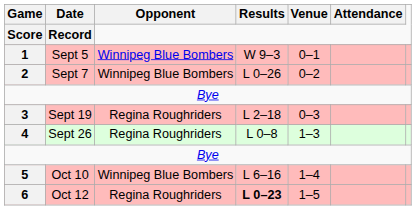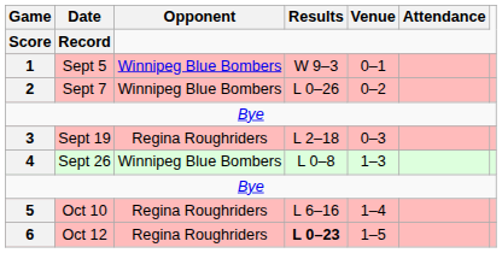 <table class="wikitable" style="text-align:center">
 <tr>
 <th>Game</th>
 <th>Date</th>
 <th>Opponent</th>
 <th>Results</th>
 <th>Venue</th>
 <th>Attendance</th>
 </tr>
 <tr>
 <th>Score</th>
 <th>Record</th>
 </tr>
 <tr style="background:#ffbbbb">
 <th>1</th>
 <td>Sept 5</td>
 <td><a href='#'>Winnipeg Blue Bombers</a></td>
 <td>W 9–3</td>
 <td>0–1</td>
 <td></td>
 <td></td>
 </tr>
 <tr style="background:#ffbbbb">
 <th>2</th>
 <td>Sept 7</td>
 <td>Winnipeg Blue Bombers</td>
 <td>L 0–26</td>
 <td>0–2</td>
 <td></td>
 <td></td>
 </tr>
 <tr>
 <td colspan="7"><em><a href='#'>Bye</a></em></td>
 </tr>
 <tr style="background:#ffbbbb">
 <th>3</th>
 <td>Sept 19</td>
 <td>Regina Roughriders</td>
 <td>L 2–18</td>
 <td>0–3</td>
 <td></td>
 <td></td>
 </tr>
 <tr style="background:#ddffdd">
 <th>4</th>
 <td>Sept 26</td>
-<td>Regina Roughriders</td>
+<td>Winnipeg Blue Bombers</td>
 <td>L 0–8</td>
 <td>1–3</td>
 <td></td>
 <td></td>
 </tr>
 <tr>
 <td colspan="7"><em><a href='#'>Bye</a></em></td>
 </tr>
 <tr style="background:#ffbbbb">
 <th>5</th>
 <td>Oct 10</td>
-<td>Winnipeg Blue Bombers</td>
+<td>Regina Roughriders</td>
 <td>L 6–16</td>
 <td>1–4</td>
 <td></td>
 <td></td>
 </tr>
 <tr style="background:#ffbbbb">
 <th>6</th>
 <td>Oct 12</td>
 <td>Regina Roughriders</td>
 <td><strong>L 0–23</strong></td>
 <td>1–5</td>
 <td></td>
 <td></td>
 </tr>
 </table>
